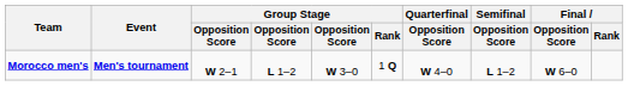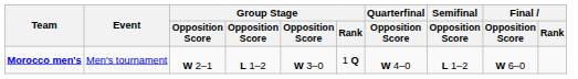 <table class=wikitable style=font-size:90%;text-align:center>
 <tr>
 <th rowspan=2>Team</th>
 <th rowspan=2>Event</th>
 <th colspan=4>Group Stage</th>
 <th>Quarterfinal</th>
 <th>Semifinal</th>
 <th colspan=2>Final / </th>
 </tr>
 <tr style=font-size:95%>
 <th>Opposition<br>Score</th>
 <th>Opposition<br>Score</th>
 <th>Opposition<br>Score</th>
 <th>Rank</th>
 <th>Opposition<br>Score</th>
 <th>Opposition<br>Score</th>
 <th>Opposition<br>Score</th>
 <th>Rank</th>
 </tr>
 <tr>
 <td align=left><strong><a href='#'>Morocco men's</a></strong></td>
-<td align=left><strong><a href='#'>Men's tournament</a></strong></td>
+<td align=left><a href='#'>Men's tournament</a></td>
 <td><br><strong>W</strong> 2–1</td>
 <td><br><strong>L</strong> 1–2</td>
 <td><br><strong>W</strong> 3–0</td>
 <td>1 <strong>Q</strong></td>
 <td><br><strong>W</strong> 4–0</td>
 <td><br><strong>L</strong> 1–2</td>
 <td><br><strong>W</strong> 6–0</td>
 <td></td>
 </tr>
 </table>
